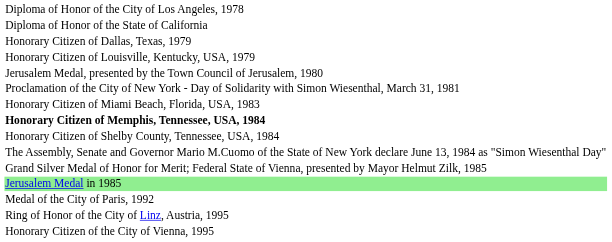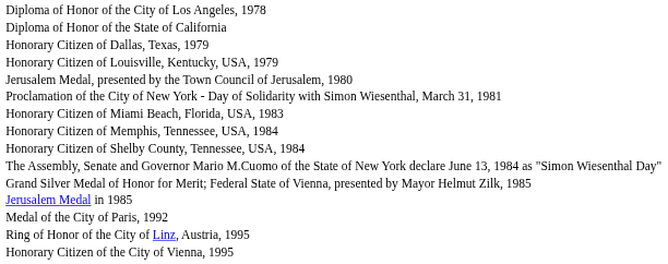 <table>
 <tr>
 <td>Diploma of Honor of the City of Los Angeles, 1978</td>
 </tr>
 <tr>
 <td>Diploma of Honor of the State of California</td>
 </tr>
 <tr>
 <td>Honorary Citizen of Dallas, Texas, 1979</td>
 </tr>
 <tr>
 <td>Honorary Citizen of Louisville, Kentucky, USA, 1979</td>
 </tr>
 <tr>
 <td>Jerusalem Medal, presented by the Town Council of Jerusalem, 1980</td>
 </tr>
 <tr>
 <td>Proclamation of the City of New York - Day of Solidarity with Simon Wiesenthal, March 31, 1981</td>
 </tr>
 <tr>
 <td>Honorary Citizen of Miami Beach, Florida, USA, 1983</td>
 </tr>
 <tr>
-<td><strong>Honorary Citizen of Memphis, Tennessee, USA, 1984</strong></td>
+<td>Honorary Citizen of Memphis, Tennessee, USA, 1984</td>
 </tr>
 <tr>
 <td>Honorary Citizen of Shelby County, Tennessee, USA, 1984</td>
 </tr>
 <tr>
 <td>The Assembly, Senate and Governor Mario M.Cuomo of the State of New York declare June 13, 1984 as "Simon Wiesenthal Day"</td>
 </tr>
 <tr>
 <td>Grand Silver Medal of Honor for Merit; Federal State of Vienna, presented by Mayor Helmut Zilk, 1985</td>
 </tr>
 <tr>
-<td style="background: lightgreen;"><a href='#'>Jerusalem Medal</a> in 1985</td>
+<td><a href='#'>Jerusalem Medal</a> in 1985</td>
 </tr>
 <tr>
 <td>Medal of the City of Paris, 1992</td>
 </tr>
 <tr>
 <td>Ring of Honor of the City of <a href='#'>Linz</a>, Austria, 1995</td>
 </tr>
 <tr>
 <td>Honorary Citizen of the City of Vienna, 1995</td>
 </tr>
 <tr>
 </tr>
 </table>
